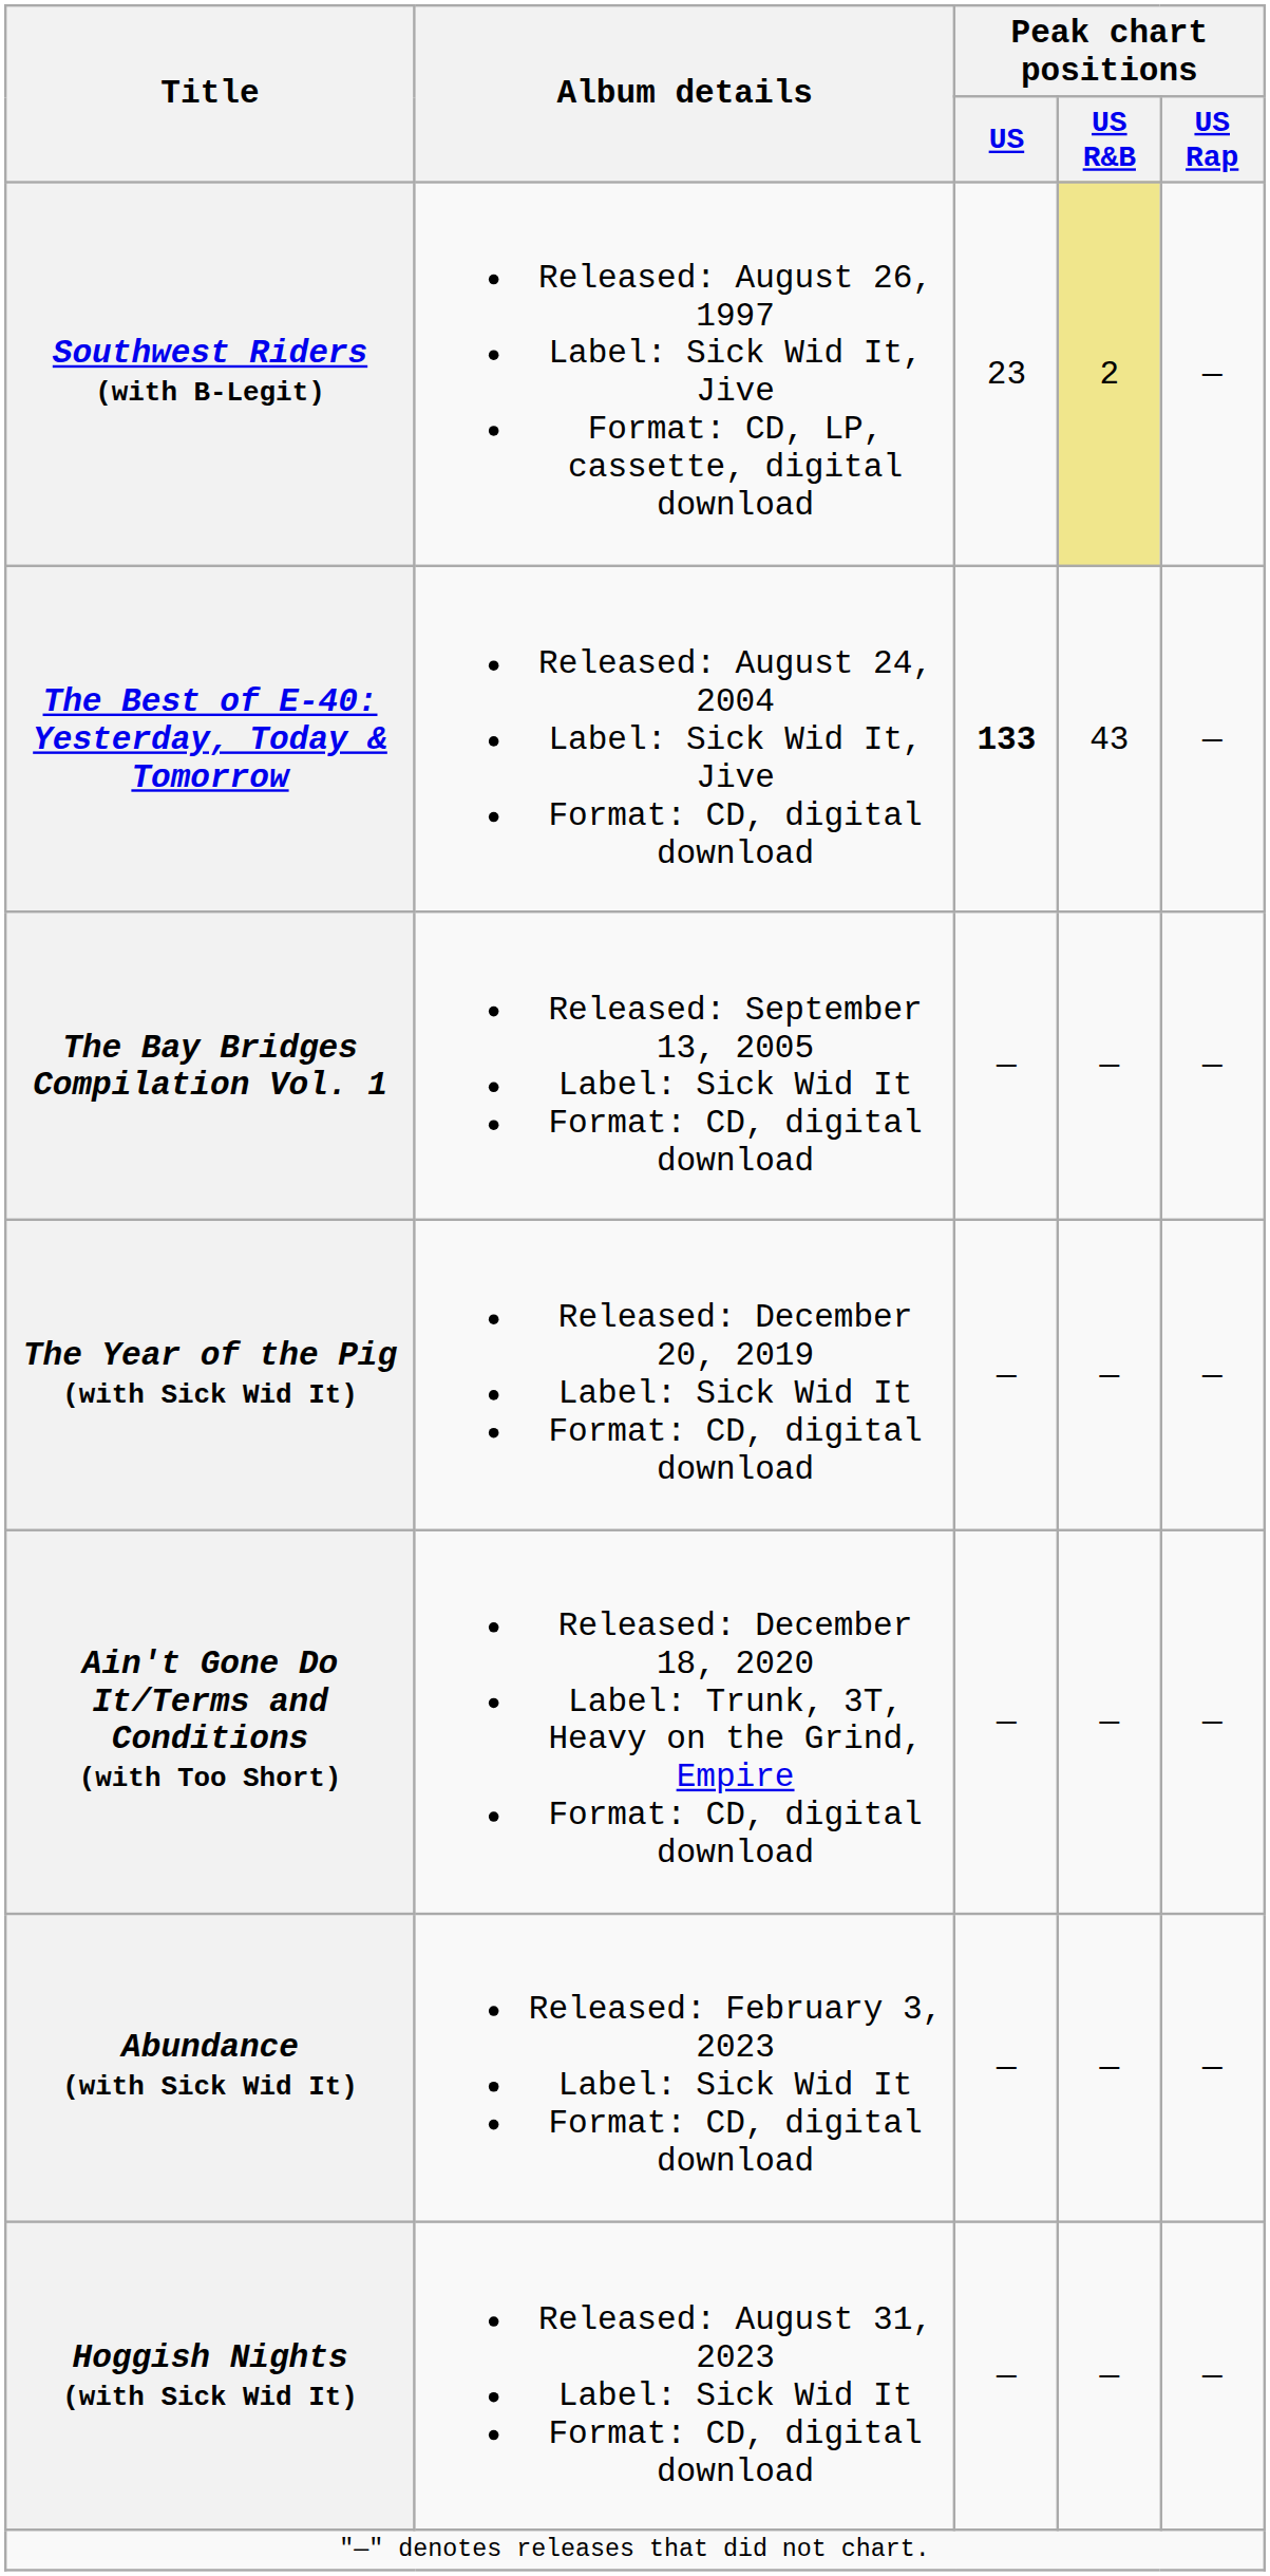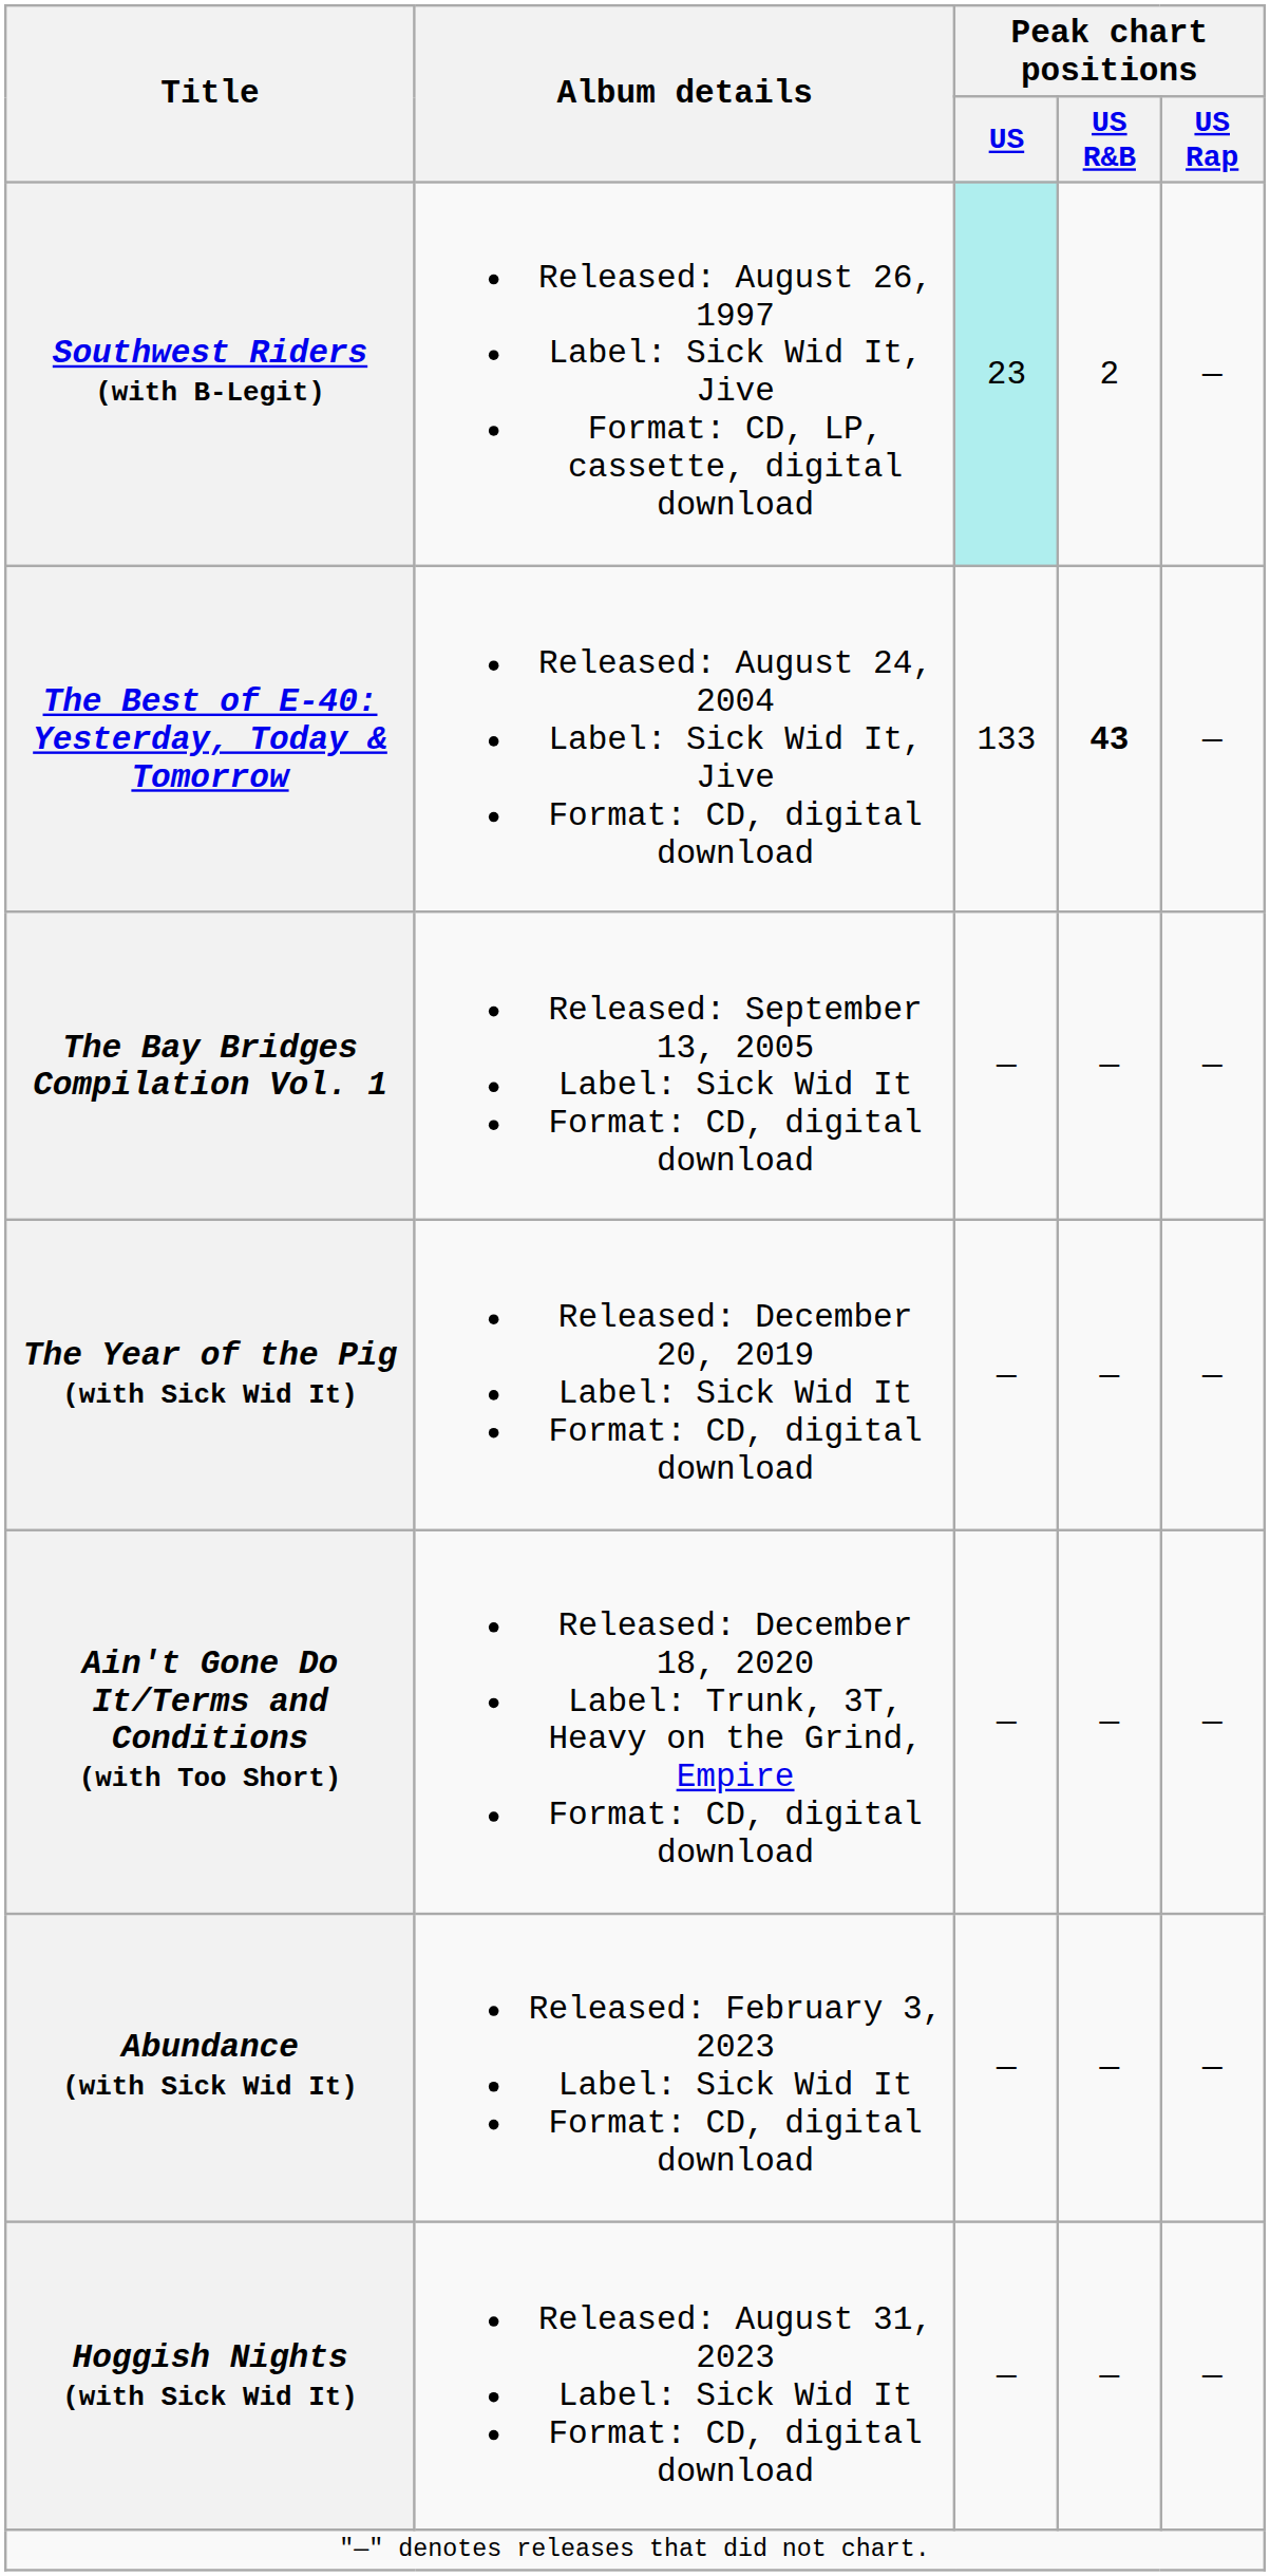 <table class="wikitable plainrowheaders" style="text-align:center;">
 <tr>
 <th scope="col" rowspan="2" style="width:12em;">Title</th>
 <th scope="col" rowspan="2" style="width:16em;">Album details</th>
 <th scope="col" colspan="3">Peak chart positions</th>
 </tr>
 <tr>
 <th scope="col" style="width:3em;font-size:90%;"><a href='#'>US</a></th>
 <th scope="col" style="width:3em;font-size:90%;"><a href='#'>US R&B</a></th>
 <th scope="col" style="width:3em;font-size:90%;"><a href='#'>US Rap</a></th>
 </tr>
 <tr>
 <th scope="row"><em><a href='#'>Southwest Riders</a></em><br><small>(with B-Legit)</small></th>
 <td><br><ul><li>Released: August 26, 1997</li><li>Label: Sick Wid It, Jive</li><li>Format: CD, LP, cassette, digital download</li></ul></td>
-<td>23</td>
-<td style="background: khaki;">2</td>
+<td style="background: paleturquoise;">23</td>
+<td>2</td>
 <td>—</td>
 </tr>
 <tr>
 <th scope="row"><em><a href='#'>The Best of E-40: Yesterday, Today & Tomorrow</a></em></th>
 <td><br><ul><li>Released: August 24, 2004</li><li>Label: Sick Wid It, Jive</li><li>Format: CD, digital download</li></ul></td>
-<td><strong>133</strong></td>
-<td>43</td>
+<td>133</td>
+<td><strong>43</strong></td>
 <td>—</td>
 </tr>
 <tr>
 <th scope="row"><em>The Bay Bridges Compilation Vol. 1</em></th>
 <td><br><ul><li>Released: September 13, 2005</li><li>Label: Sick Wid It</li><li>Format: CD, digital download</li></ul></td>
 <td>—</td>
 <td>—</td>
 <td>—</td>
 </tr>
 <tr>
 <th scope="row"><em>The Year of the Pig</em><br><small>(with Sick Wid It)</small></th>
 <td><br><ul><li>Released: December 20, 2019</li><li>Label: Sick Wid It</li><li>Format: CD, digital download</li></ul></td>
 <td>—</td>
 <td>—</td>
 <td>—</td>
 </tr>
 <tr>
 <th scope="row"><em>Ain't Gone Do It/Terms and Conditions</em><br><small>(with Too Short)</small></th>
 <td><br><ul><li>Released: December 18, 2020</li><li>Label: Trunk, 3T, Heavy on the Grind, <a href='#'>Empire</a></li><li>Format: CD, digital download</li></ul></td>
 <td>—</td>
 <td>—</td>
 <td>—</td>
 </tr>
 <tr>
 <th scope="row"><em>Abundance</em><br><small>(with Sick Wid It)</small></th>
 <td><br><ul><li>Released: February 3, 2023</li><li>Label: Sick Wid It</li><li>Format: CD, digital download</li></ul></td>
 <td>—</td>
 <td>—</td>
 <td>—</td>
 </tr>
 <tr>
 <th scope="row"><em>Hoggish Nights</em><br><small>(with Sick Wid It)</small></th>
 <td><br><ul><li>Released: August 31, 2023</li><li>Label: Sick Wid It</li><li>Format: CD, digital download</li></ul></td>
 <td>—</td>
 <td>—</td>
 <td>—</td>
 </tr>
 <tr>
 <td colspan="8"  style="text-align:center; font-size:75%;">"—" denotes releases that did not chart.</td>
 </tr>
 </table>
